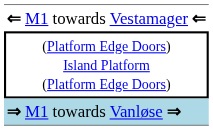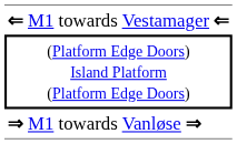 <table table border=0 cellspacing=0 cellpadding=3>
 <tr>
 <td style="border-top:solid 1px gray;"><span><strong>⇐</strong></span> <a href='#'>M1</a> towards <a href='#'>Vestamager</a> <span><strong>⇐</strong></span></td>
 </tr>
 <tr>
 <td style="border-top:solid 2px black;border-right:solid 2px black;border-left:solid 2px black;border-bottom:solid 2px black;text-align:center;" colspan=2><small>(<a href='#'>Platform Edge Doors</a>)<br> <a href='#'>Island Platform</a><br> (<a href='#'>Platform Edge Doors</a>)</small></td>
 </tr>
 <tr>
-<td style="background: lightblue; border-bottom:solid 1px gray;"><span><strong>⇒</strong></span> <a href='#'>M1</a> towards <a href='#'>Vanløse</a> <span><strong>⇒</strong></span></td>
+<td style="border-bottom:solid 1px gray;"><span><strong>⇒</strong></span> <a href='#'>M1</a> towards <a href='#'>Vanløse</a> <span><strong>⇒</strong></span></td>
 </tr>
 </table>
